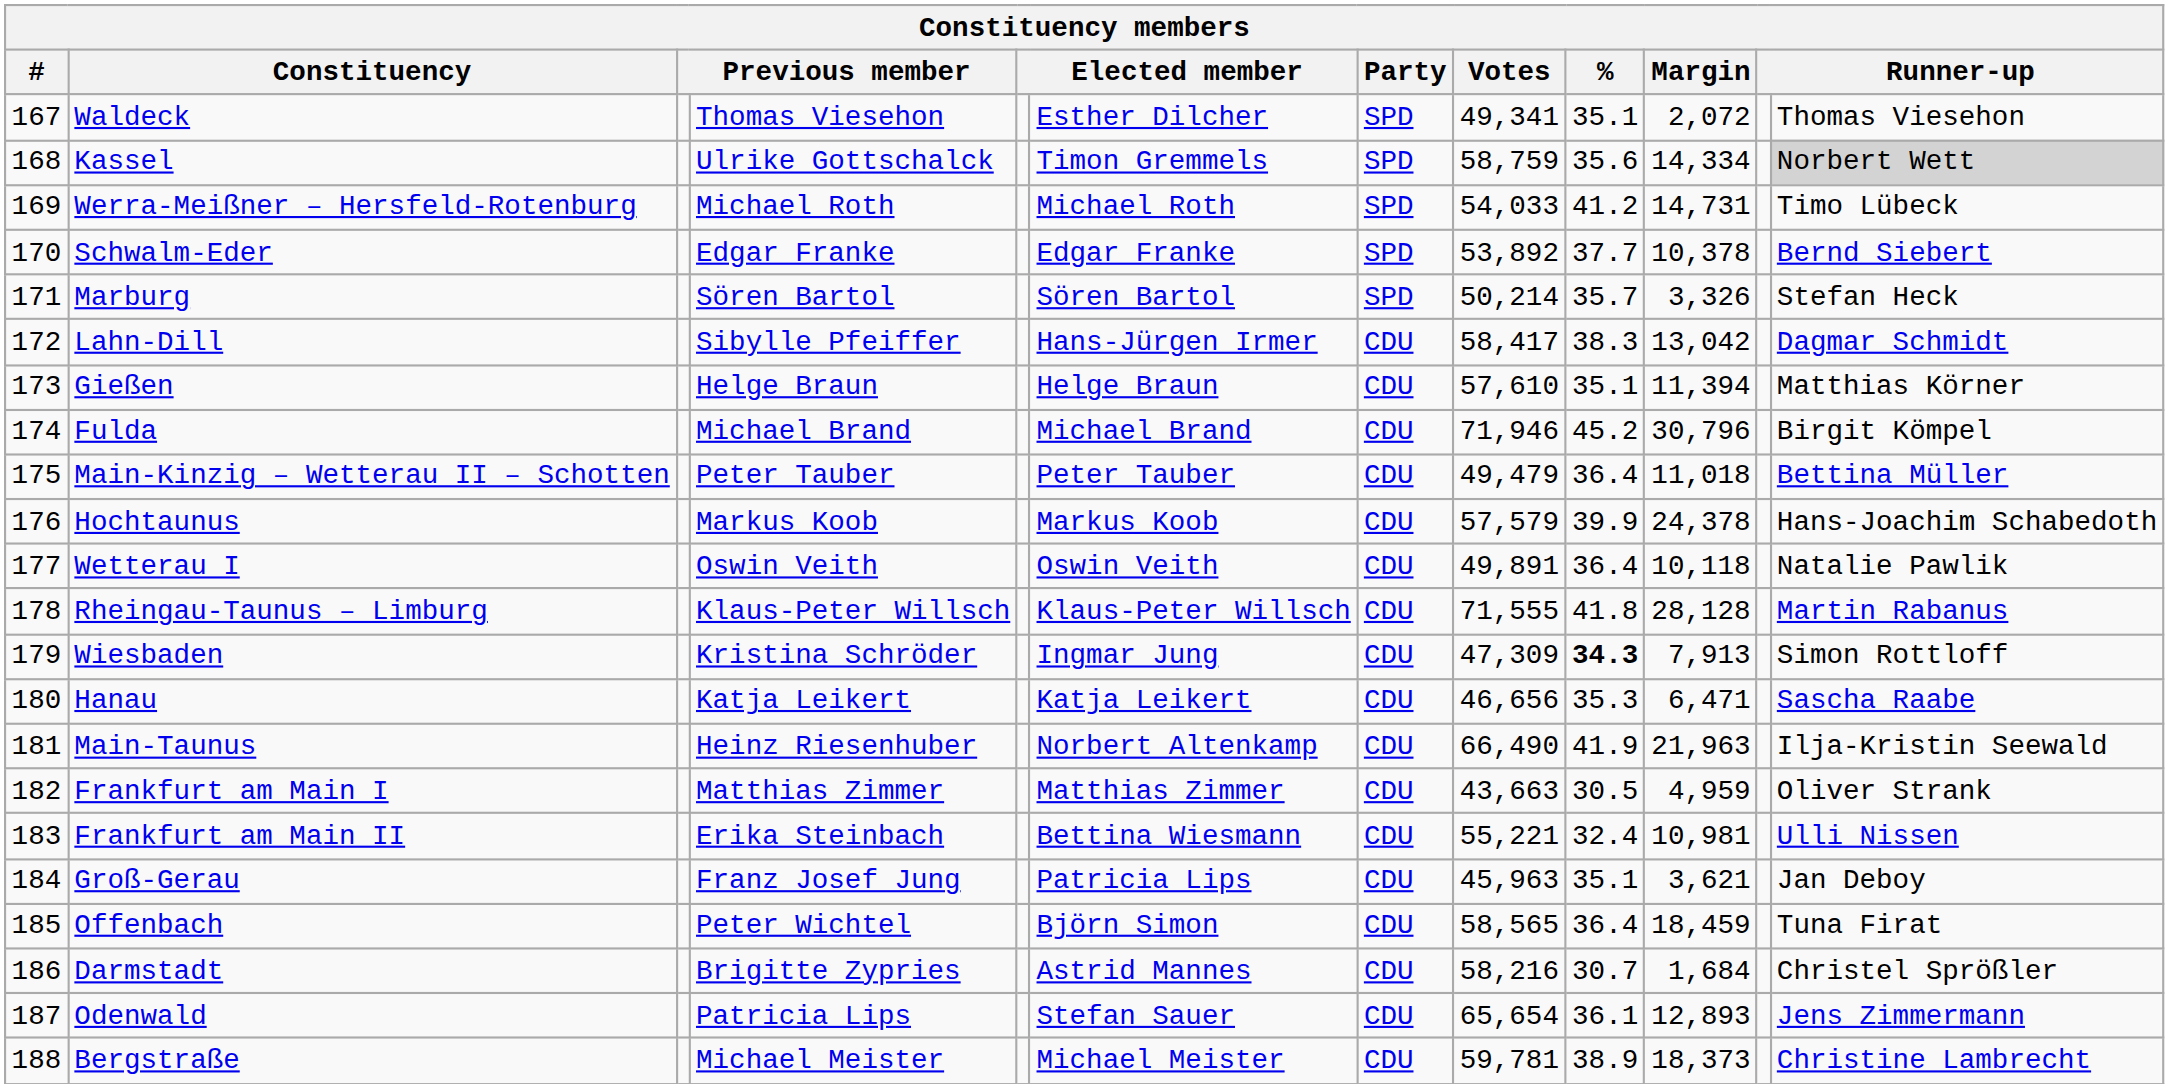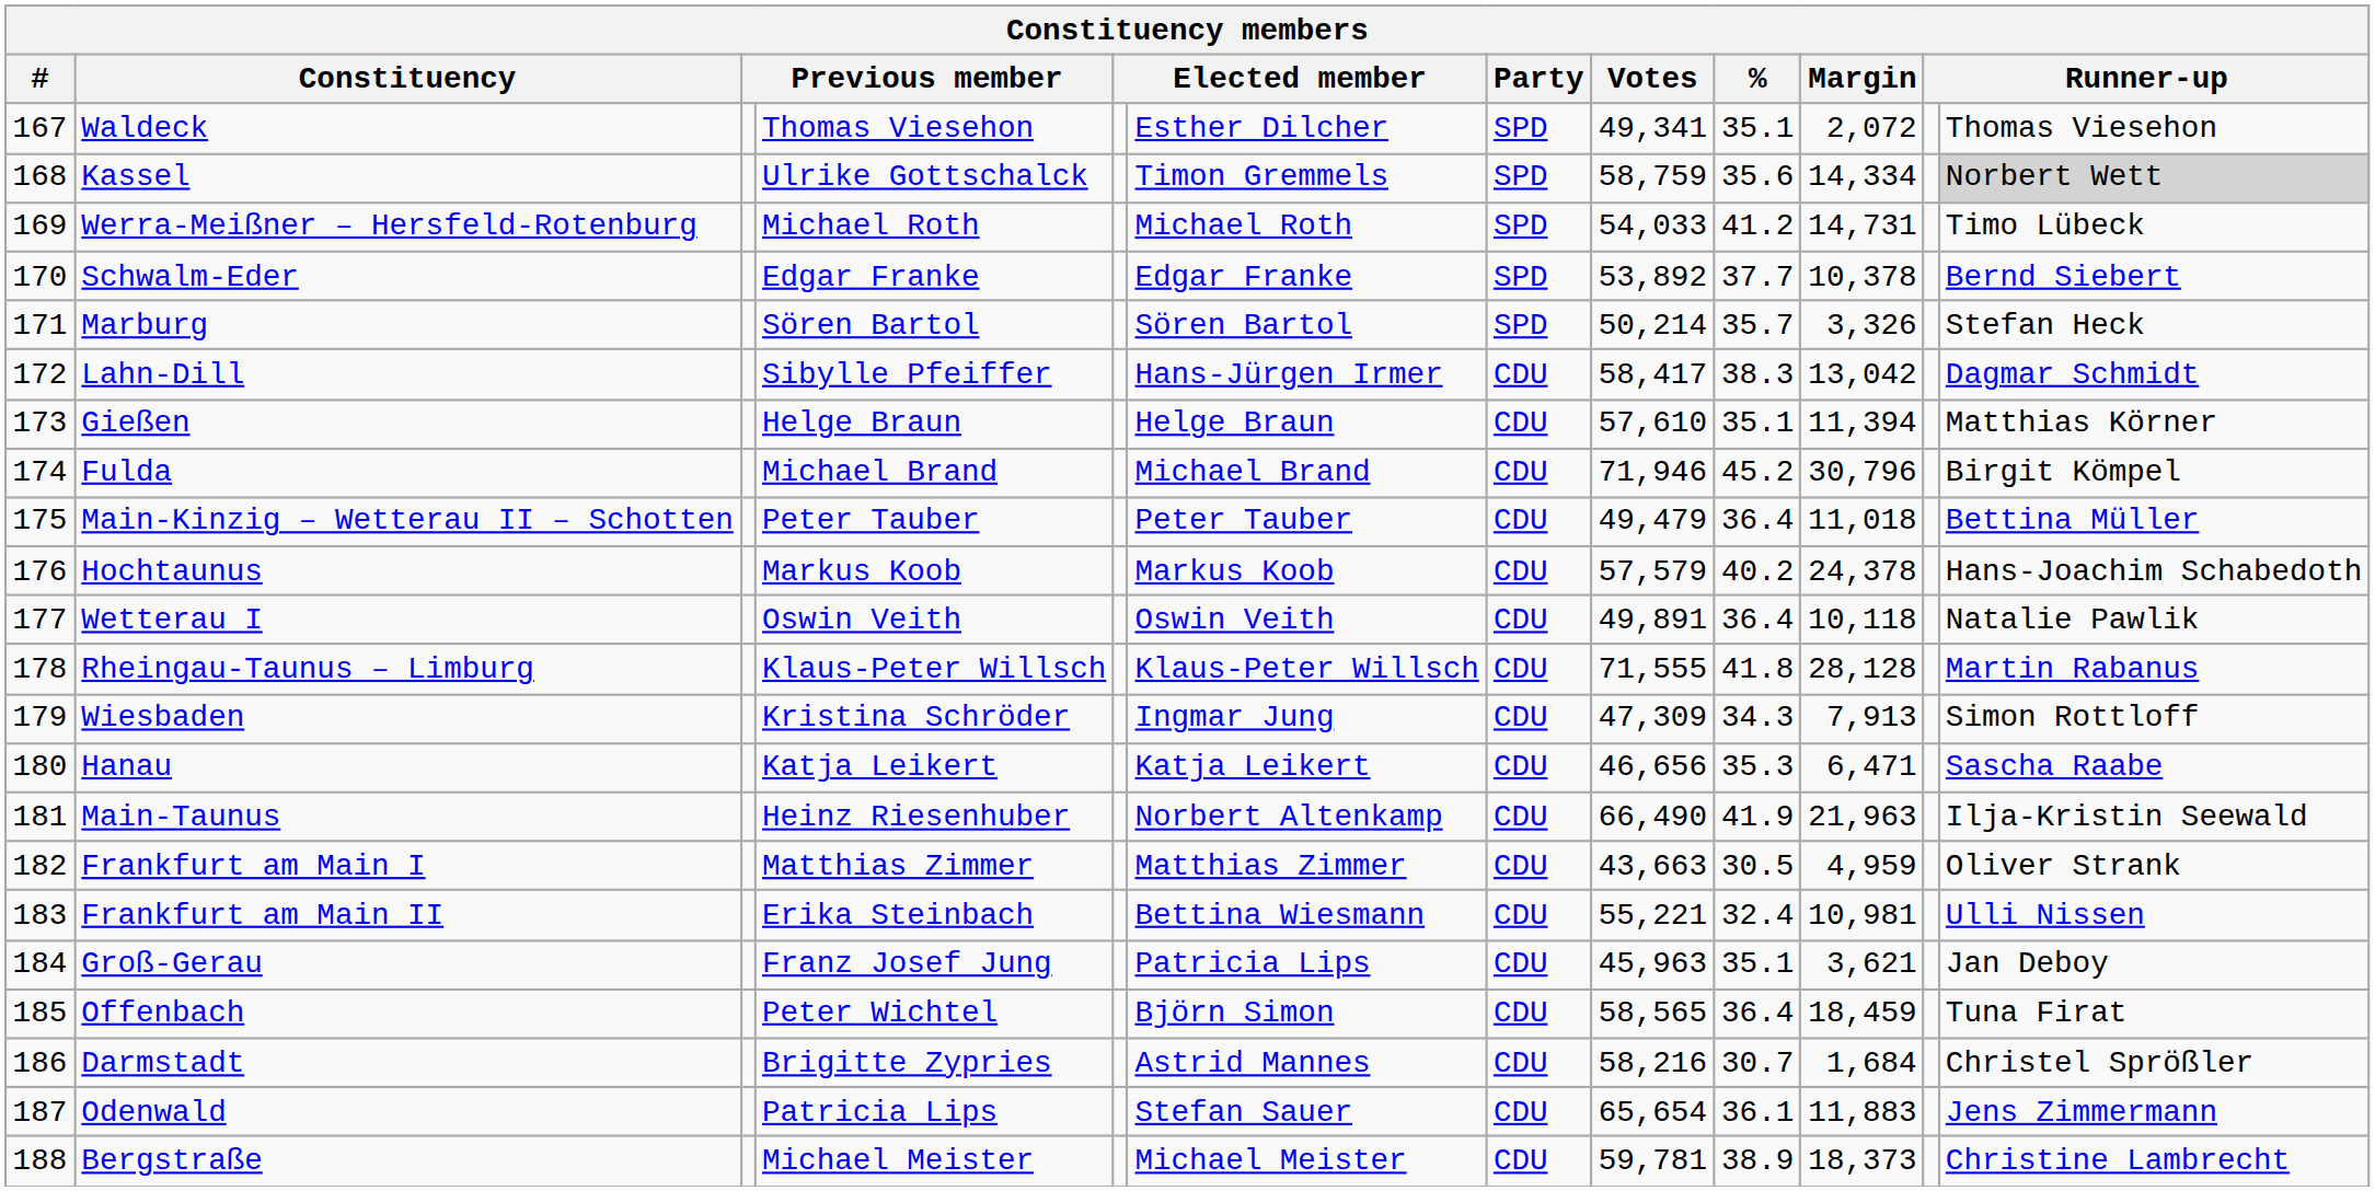 <table class="wikitable sortable" style="text-align:right">
 <tr>
 <th colspan="12">Constituency members</th>
 </tr>
 <tr>
 <th>#</th>
 <th>Constituency</th>
 <th colspan="2">Previous member</th>
 <th colspan="2">Elected member</th>
 <th>Party</th>
 <th>Votes</th>
 <th>%</th>
 <th>Margin</th>
 <th colspan="2">Runner-up</th>
 </tr>
 <tr>
 <td>167</td>
 <td align=left><a href='#'>Waldeck</a></td>
 <td bgcolor=></td>
 <td align=left><a href='#'>Thomas Viesehon</a></td>
 <td></td>
 <td align=left><a href='#'>Esther Dilcher</a></td>
 <td align=left><a href='#'>SPD</a></td>
 <td>49,341</td>
 <td>35.1</td>
 <td>2,072</td>
 <td bgcolor=></td>
 <td align=left>Thomas Viesehon</td>
 </tr>
 <tr>
 <td>168</td>
 <td align=left><a href='#'>Kassel</a></td>
 <td bgcolor=></td>
 <td align=left><a href='#'>Ulrike Gottschalck</a></td>
 <td></td>
 <td align=left><a href='#'>Timon Gremmels</a></td>
 <td align=left><a href='#'>SPD</a></td>
 <td>58,759</td>
 <td>35.6</td>
 <td>14,334</td>
 <td bgcolor=></td>
 <td align=left style="background: lightgrey;">Norbert Wett</td>
 </tr>
 <tr>
 <td>169</td>
 <td align=left><a href='#'>Werra-Meißner – Hersfeld-Rotenburg</a></td>
 <td bgcolor=></td>
 <td align=left><a href='#'>Michael Roth</a></td>
 <td bgcolor=></td>
 <td align=left><a href='#'>Michael Roth</a></td>
 <td align=left><a href='#'>SPD</a></td>
 <td>54,033</td>
 <td>41.2</td>
 <td>14,731</td>
 <td bgcolor=></td>
 <td align=left>Timo Lübeck</td>
 </tr>
 <tr>
 <td>170</td>
 <td align=left><a href='#'>Schwalm-Eder</a></td>
 <td bgcolor=></td>
 <td align=left><a href='#'>Edgar Franke</a></td>
 <td bgcolor=></td>
 <td align=left><a href='#'>Edgar Franke</a></td>
 <td align=left><a href='#'>SPD</a></td>
 <td>53,892</td>
 <td>37.7</td>
 <td>10,378</td>
 <td bgcolor=></td>
 <td align=left><a href='#'>Bernd Siebert</a></td>
 </tr>
 <tr>
 <td>171</td>
 <td align=left><a href='#'>Marburg</a></td>
 <td bgcolor=></td>
 <td align=left><a href='#'>Sören Bartol</a></td>
 <td bgcolor=></td>
 <td align=left><a href='#'>Sören Bartol</a></td>
 <td align=left><a href='#'>SPD</a></td>
 <td>50,214</td>
 <td>35.7</td>
 <td>3,326</td>
 <td bgcolor=></td>
 <td align=left>Stefan Heck</td>
 </tr>
 <tr>
 <td>172</td>
 <td align=left><a href='#'>Lahn-Dill</a></td>
 <td bgcolor=></td>
 <td align=left><a href='#'>Sibylle Pfeiffer</a></td>
 <td></td>
 <td align=left><a href='#'>Hans-Jürgen Irmer</a></td>
 <td align=left><a href='#'>CDU</a></td>
 <td>58,417</td>
 <td>38.3</td>
 <td>13,042</td>
 <td bgcolor=></td>
 <td align=left><a href='#'>Dagmar Schmidt</a></td>
 </tr>
 <tr>
 <td>173</td>
 <td align=left><a href='#'>Gießen</a></td>
 <td bgcolor=></td>
 <td align=left><a href='#'>Helge Braun</a></td>
 <td bgcolor=></td>
 <td align=left><a href='#'>Helge Braun</a></td>
 <td align=left><a href='#'>CDU</a></td>
 <td>57,610</td>
 <td>35.1</td>
 <td>11,394</td>
 <td bgcolor=></td>
 <td align=left>Matthias Körner</td>
 </tr>
 <tr>
 <td>174</td>
 <td align=left><a href='#'>Fulda</a></td>
 <td bgcolor=></td>
 <td align=left><a href='#'>Michael Brand</a></td>
 <td bgcolor=></td>
 <td align=left><a href='#'>Michael Brand</a></td>
 <td align=left><a href='#'>CDU</a></td>
 <td>71,946</td>
 <td>45.2</td>
 <td>30,796</td>
 <td bgcolor=></td>
 <td align=left>Birgit Kömpel</td>
 </tr>
 <tr>
 <td>175</td>
 <td align=left><a href='#'>Main-Kinzig – Wetterau II – Schotten</a></td>
 <td bgcolor=></td>
 <td align=left><a href='#'>Peter Tauber</a></td>
 <td bgcolor=></td>
 <td align=left><a href='#'>Peter Tauber</a></td>
 <td align=left><a href='#'>CDU</a></td>
 <td>49,479</td>
 <td>36.4</td>
 <td>11,018</td>
 <td bgcolor=></td>
 <td align=left><a href='#'>Bettina Müller</a></td>
 </tr>
 <tr>
 <td>176</td>
 <td align=left><a href='#'>Hochtaunus</a></td>
 <td bgcolor=></td>
 <td align=left><a href='#'>Markus Koob</a></td>
 <td bgcolor=></td>
 <td align=left><a href='#'>Markus Koob</a></td>
 <td align=left><a href='#'>CDU</a></td>
 <td>57,579</td>
-<td>39.9</td>
+<td>40.2</td>
 <td>24,378</td>
 <td bgcolor=></td>
 <td align=left>Hans-Joachim Schabedoth</td>
 </tr>
 <tr>
 <td>177</td>
 <td align=left><a href='#'>Wetterau I</a></td>
 <td bgcolor=></td>
 <td align=left><a href='#'>Oswin Veith</a></td>
 <td bgcolor=></td>
 <td align=left><a href='#'>Oswin Veith</a></td>
 <td align=left><a href='#'>CDU</a></td>
 <td>49,891</td>
 <td>36.4</td>
 <td>10,118</td>
 <td bgcolor=></td>
 <td align=left>Natalie Pawlik</td>
 </tr>
 <tr>
 <td>178</td>
 <td align=left><a href='#'>Rheingau-Taunus – Limburg</a></td>
 <td bgcolor=></td>
 <td align=left><a href='#'>Klaus-Peter Willsch</a></td>
 <td bgcolor=></td>
 <td align=left><a href='#'>Klaus-Peter Willsch</a></td>
 <td align=left><a href='#'>CDU</a></td>
 <td>71,555</td>
 <td>41.8</td>
 <td>28,128</td>
 <td bgcolor=></td>
 <td align=left><a href='#'>Martin Rabanus</a></td>
 </tr>
 <tr>
 <td>179</td>
 <td align=left><a href='#'>Wiesbaden</a></td>
 <td bgcolor=></td>
 <td align=left><a href='#'>Kristina Schröder</a></td>
 <td bgcolor=></td>
 <td align=left><a href='#'>Ingmar Jung</a></td>
 <td align=left><a href='#'>CDU</a></td>
 <td>47,309</td>
-<td><strong>34.3</strong></td>
+<td>34.3</td>
 <td>7,913</td>
 <td bgcolor=></td>
 <td align=left>Simon Rottloff</td>
 </tr>
 <tr>
 <td>180</td>
 <td align=left><a href='#'>Hanau</a></td>
 <td bgcolor=></td>
 <td align=left><a href='#'>Katja Leikert</a></td>
 <td bgcolor=></td>
 <td align=left><a href='#'>Katja Leikert</a></td>
 <td align=left><a href='#'>CDU</a></td>
 <td>46,656</td>
 <td>35.3</td>
 <td>6,471</td>
 <td bgcolor=></td>
 <td align=left><a href='#'>Sascha Raabe</a></td>
 </tr>
 <tr>
 <td>181</td>
 <td align=left><a href='#'>Main-Taunus</a></td>
 <td bgcolor=></td>
 <td align=left><a href='#'>Heinz Riesenhuber</a></td>
 <td bgcolor=></td>
 <td align=left><a href='#'>Norbert Altenkamp</a></td>
 <td align=left><a href='#'>CDU</a></td>
 <td>66,490</td>
 <td>41.9</td>
 <td>21,963</td>
 <td bgcolor=></td>
 <td align=left>Ilja-Kristin Seewald</td>
 </tr>
 <tr>
 <td>182</td>
 <td align=left><a href='#'>Frankfurt am Main I</a></td>
 <td bgcolor=></td>
 <td align=left><a href='#'>Matthias Zimmer</a></td>
 <td bgcolor=></td>
 <td align=left><a href='#'>Matthias Zimmer</a></td>
 <td align=left><a href='#'>CDU</a></td>
 <td>43,663</td>
 <td>30.5</td>
 <td>4,959</td>
 <td bgcolor=></td>
 <td align=left>Oliver Strank</td>
 </tr>
 <tr>
 <td>183</td>
 <td align=left><a href='#'>Frankfurt am Main II</a></td>
 <td bgcolor=></td>
 <td align=left><a href='#'>Erika Steinbach</a></td>
 <td bgcolor=></td>
 <td align=left><a href='#'>Bettina Wiesmann</a></td>
 <td align=left><a href='#'>CDU</a></td>
 <td>55,221</td>
 <td>32.4</td>
 <td>10,981</td>
 <td bgcolor=></td>
 <td align=left><a href='#'>Ulli Nissen</a></td>
 </tr>
 <tr>
 <td>184</td>
 <td align=left><a href='#'>Groß-Gerau</a></td>
 <td bgcolor=></td>
 <td align=left><a href='#'>Franz Josef Jung</a></td>
 <td bgcolor=></td>
 <td align=left><a href='#'>Patricia Lips</a></td>
 <td align=left><a href='#'>CDU</a></td>
 <td>45,963</td>
 <td>35.1</td>
 <td>3,621</td>
 <td bgcolor=></td>
 <td align=left>Jan Deboy</td>
 </tr>
 <tr>
 <td>185</td>
 <td align=left><a href='#'>Offenbach</a></td>
 <td bgcolor=></td>
 <td align=left><a href='#'>Peter Wichtel</a></td>
 <td></td>
 <td align=left><a href='#'>Björn Simon</a></td>
 <td align=left><a href='#'>CDU</a></td>
 <td>58,565</td>
 <td>36.4</td>
 <td>18,459</td>
 <td bgcolor=></td>
 <td align=left>Tuna Firat</td>
 </tr>
 <tr>
 <td>186</td>
 <td align=left><a href='#'>Darmstadt</a></td>
 <td bgcolor=></td>
 <td align=left><a href='#'>Brigitte Zypries</a></td>
 <td bgcolor=></td>
 <td align=left><a href='#'>Astrid Mannes</a></td>
 <td align=left><a href='#'>CDU</a></td>
 <td>58,216</td>
 <td>30.7</td>
 <td>1,684</td>
 <td bgcolor=></td>
 <td align=left>Christel Sprößler</td>
 </tr>
 <tr>
 <td>187</td>
 <td align=left><a href='#'>Odenwald</a></td>
 <td bgcolor=></td>
 <td align=left><a href='#'>Patricia Lips</a></td>
 <td bgcolor=></td>
 <td align=left><a href='#'>Stefan Sauer</a></td>
 <td align=left><a href='#'>CDU</a></td>
 <td>65,654</td>
 <td>36.1</td>
-<td>12,893</td>
+<td>11,883</td>
 <td bgcolor=></td>
 <td align=left><a href='#'>Jens Zimmermann</a></td>
 </tr>
 <tr>
 <td>188</td>
 <td align=left><a href='#'>Bergstraße</a></td>
 <td bgcolor=></td>
 <td align=left><a href='#'>Michael Meister</a></td>
 <td bgcolor=></td>
 <td align=left><a href='#'>Michael Meister</a></td>
 <td align=left><a href='#'>CDU</a></td>
 <td>59,781</td>
 <td>38.9</td>
 <td>18,373</td>
 <td bgcolor=></td>
 <td align=left><a href='#'>Christine Lambrecht</a></td>
 </tr>
 </table>
